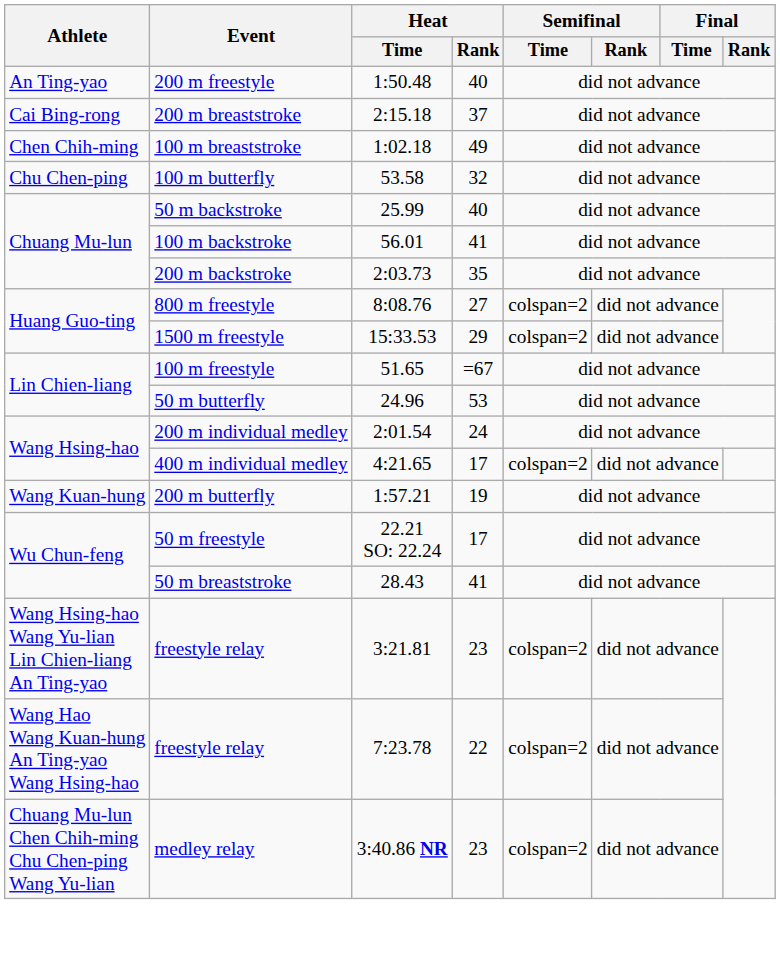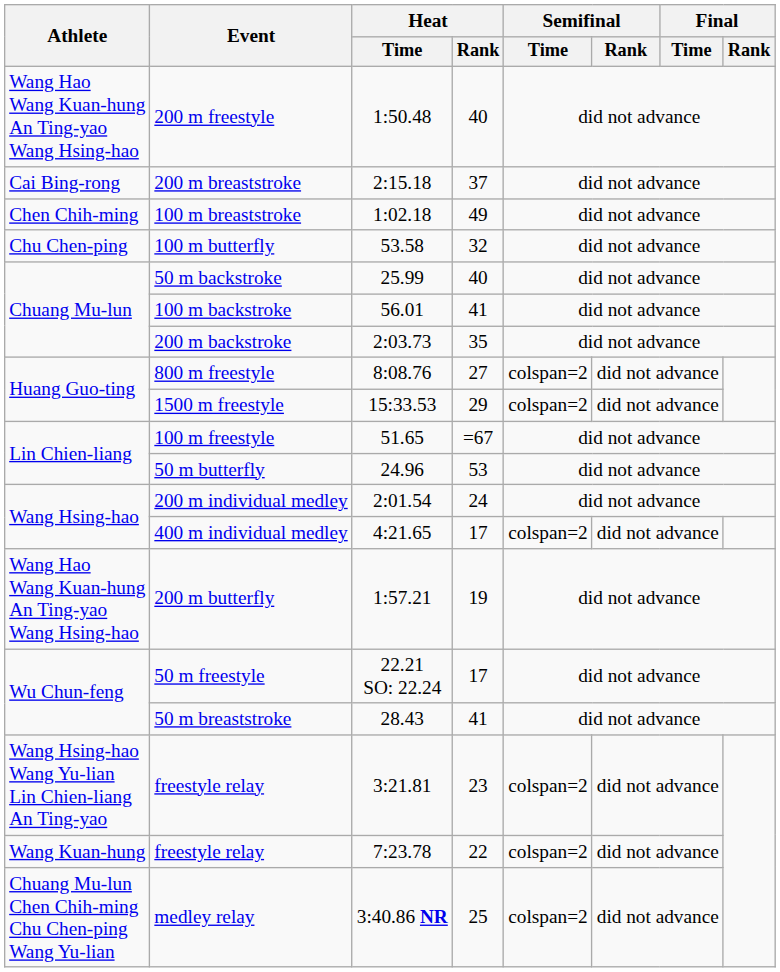 <table class="wikitable" style="text-align:center; font-size:90%">
 <tr>
 <th rowspan="2">Athlete</th>
 <th rowspan="2">Event</th>
 <th colspan="2">Heat</th>
 <th colspan="2">Semifinal</th>
 <th colspan="2">Final</th>
 </tr>
 <tr style="font-size:95%">
 <th>Time</th>
 <th>Rank</th>
 <th>Time</th>
 <th>Rank</th>
 <th>Time</th>
 <th>Rank</th>
 </tr>
 <tr>
-<td align=left><a href='#'>An Ting-yao</a></td>
+<td align=left><a href='#'>Wang Hao</a><br><a href='#'>Wang Kuan-hung</a><br><a href='#'>An Ting-yao</a><br><a href='#'>Wang Hsing-hao</a></td>
 <td align=left><a href='#'>200 m freestyle</a></td>
 <td>1:50.48</td>
 <td>40</td>
 <td colspan=4>did not advance</td>
 </tr>
 <tr>
 <td align=left><a href='#'>Cai Bing-rong</a></td>
 <td align=left><a href='#'>200 m breaststroke</a></td>
 <td>2:15.18</td>
 <td>37</td>
 <td colspan=4>did not advance</td>
 </tr>
 <tr>
 <td align=left><a href='#'>Chen Chih-ming</a></td>
 <td align=left><a href='#'>100 m breaststroke</a></td>
 <td>1:02.18</td>
 <td>49</td>
 <td colspan=4>did not advance</td>
 </tr>
 <tr>
 <td align=left><a href='#'>Chu Chen-ping</a></td>
 <td align=left><a href='#'>100 m butterfly</a></td>
 <td>53.58</td>
 <td>32</td>
 <td colspan=4>did not advance</td>
 </tr>
 <tr>
 <td align=left rowspan=3><a href='#'>Chuang Mu-lun</a></td>
 <td align=left><a href='#'>50 m backstroke</a></td>
 <td>25.99</td>
 <td>40</td>
 <td colspan=4>did not advance</td>
 </tr>
 <tr>
 <td align=left><a href='#'>100 m backstroke</a></td>
 <td>56.01</td>
 <td>41</td>
 <td colspan=4>did not advance</td>
 </tr>
 <tr>
 <td align=left><a href='#'>200 m backstroke</a></td>
 <td>2:03.73</td>
 <td>35</td>
 <td colspan=4>did not advance</td>
 </tr>
 <tr>
 <td align=left rowspan=2><a href='#'>Huang Guo-ting</a></td>
 <td align=left><a href='#'>800 m freestyle</a></td>
 <td>8:08.76</td>
 <td>27</td>
 <td>colspan=2 </td>
 <td colspan=2>did not advance</td>
 </tr>
 <tr>
 <td align=left><a href='#'>1500 m freestyle</a></td>
 <td>15:33.53</td>
 <td>29</td>
 <td>colspan=2 </td>
 <td colspan=2>did not advance</td>
 </tr>
 <tr>
 <td align=left rowspan=2><a href='#'>Lin Chien-liang</a></td>
 <td align=left><a href='#'>100 m freestyle</a></td>
 <td>51.65</td>
 <td>=67</td>
 <td colspan=4>did not advance</td>
 </tr>
 <tr>
 <td align=left><a href='#'>50 m butterfly</a></td>
 <td>24.96</td>
 <td>53</td>
 <td colspan=4>did not advance</td>
 </tr>
 <tr>
 <td align=left rowspan=2><a href='#'>Wang Hsing-hao</a></td>
 <td align=left><a href='#'>200 m individual medley</a></td>
 <td>2:01.54</td>
 <td>24</td>
 <td colspan=4>did not advance</td>
 </tr>
 <tr>
 <td align=left><a href='#'>400 m individual medley</a></td>
 <td>4:21.65</td>
 <td>17</td>
 <td>colspan=2 </td>
 <td colspan=2>did not advance</td>
 </tr>
 <tr>
-<td align=left><a href='#'>Wang Kuan-hung</a></td>
+<td align=left><a href='#'>Wang Hao</a><br><a href='#'>Wang Kuan-hung</a><br><a href='#'>An Ting-yao</a><br><a href='#'>Wang Hsing-hao</a></td>
 <td align=left><a href='#'>200 m butterfly</a></td>
 <td>1:57.21</td>
 <td>19</td>
 <td colspan=4>did not advance</td>
 </tr>
 <tr>
 <td align=left rowspan=2><a href='#'>Wu Chun-feng</a></td>
 <td align=left><a href='#'>50 m freestyle</a></td>
 <td>22.21<br>SO: 22.24</td>
 <td>17</td>
 <td colspan=4>did not advance</td>
 </tr>
 <tr>
 <td align=left><a href='#'>50 m breaststroke</a></td>
 <td>28.43</td>
 <td>41</td>
 <td colspan=4>did not advance</td>
 </tr>
 <tr>
 <td align=left><a href='#'>Wang Hsing-hao</a><br><a href='#'>Wang Yu-lian</a><br><a href='#'>Lin Chien-liang</a><br><a href='#'>An Ting-yao</a></td>
 <td align=left><a href='#'> freestyle relay</a></td>
 <td>3:21.81</td>
 <td>23</td>
 <td>colspan=2 </td>
 <td colspan=2>did not advance</td>
 </tr>
 <tr>
-<td align=left><a href='#'>Wang Hao</a><br><a href='#'>Wang Kuan-hung</a><br><a href='#'>An Ting-yao</a><br><a href='#'>Wang Hsing-hao</a></td>
+<td align=left><a href='#'>Wang Kuan-hung</a></td>
 <td align=left><a href='#'> freestyle relay</a></td>
 <td>7:23.78</td>
 <td>22</td>
 <td>colspan=2 </td>
 <td colspan=2>did not advance</td>
 </tr>
 <tr>
 <td align=left><a href='#'>Chuang Mu-lun</a><br><a href='#'>Chen Chih-ming</a><br><a href='#'>Chu Chen-ping</a><br><a href='#'>Wang Yu-lian</a></td>
 <td align=left><a href='#'> medley relay</a></td>
 <td>3:40.86 <strong><a href='#'>NR</a></strong></td>
-<td>23</td>
+<td>25</td>
 <td>colspan=2 </td>
 <td colspan=2>did not advance</td>
 </tr>
 </table>
